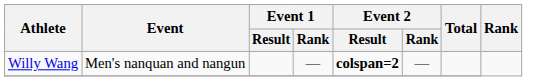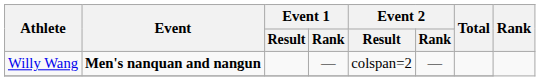 <table class=wikitable style=font-size:90%;text-align:center>
 <tr>
 <th rowspan="2">Athlete</th>
 <th rowspan="2">Event</th>
 <th colspan="2">Event 1</th>
 <th colspan="2">Event 2</th>
 <th rowspan="2">Total</th>
 <th rowspan="2">Rank</th>
 </tr>
 <tr style="font-size:95%">
 <th>Result</th>
 <th>Rank</th>
 <th>Result</th>
 <th>Rank</th>
 </tr>
 <tr>
 <td align=left><a href='#'>Willy Wang</a></td>
-<td align=left>Men's nanquan and nangun</td>
+<td align=left><strong>Men's nanquan and nangun</strong></td>
 <td></td>
 <td>—</td>
-<td><strong>colspan=2 </strong></td>
+<td>colspan=2 </td>
 <td>—</td>
 <td></td>
 </tr>
 <tr>
 </tr>
 </table>
